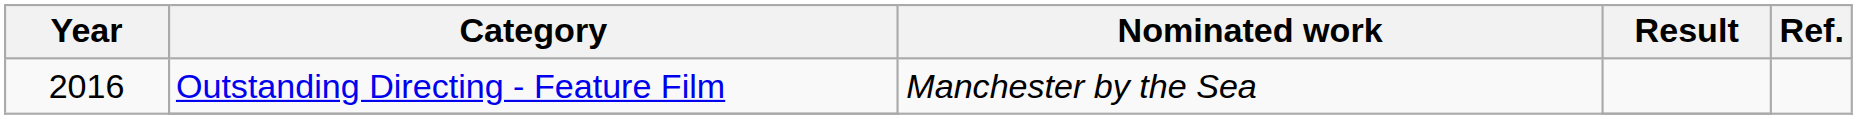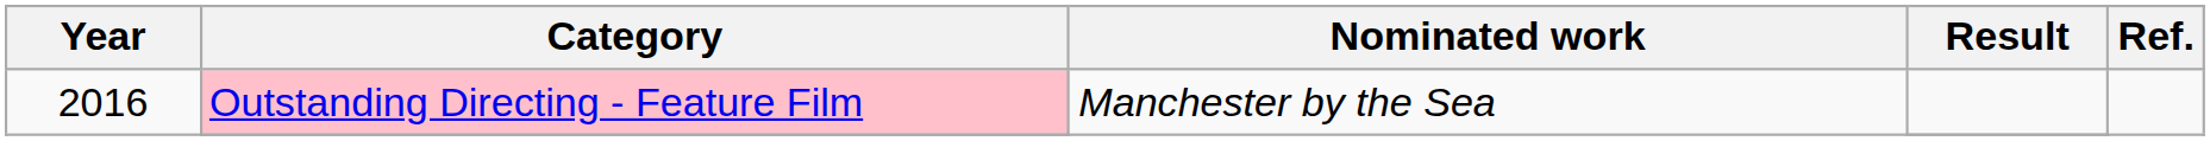 <table class=wikitable>
 <tr>
 <th scope="col" style="width:5em;">Year</th>
 <th scope="col" style="width:26em;">Category</th>
 <th scope="col" style="width:25em;">Nominated work</th>
 <th scope="col" style="width:5em;">Result</th>
 <th>Ref.</th>
 </tr>
 <tr>
 <td style="text-align:center;", rowspan=12>2016</td>
-<td><a href='#'>Outstanding Directing - Feature Film</a></td>
+<td style="background: pink;"><a href='#'>Outstanding Directing - Feature Film</a></td>
 <td rowspan=12><em>Manchester by the Sea</em></td>
 <td></td>
 </tr>
 <tr>
 </tr>
 </table>
